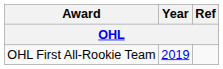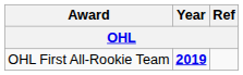 <table class="wikitable">
 <tr>
 <th>Award</th>
 <th>Year</th>
 <th>Ref</th>
 </tr>
 <tr>
 <th colspan="3"><a href='#'>OHL</a></th>
 </tr>
 <tr>
 <td>OHL First All-Rookie Team</td>
-<td><a href='#'>2019</a></td>
+<td><strong><a href='#'>2019</a></strong></td>
 <td></td>
 </tr>
 </table>
